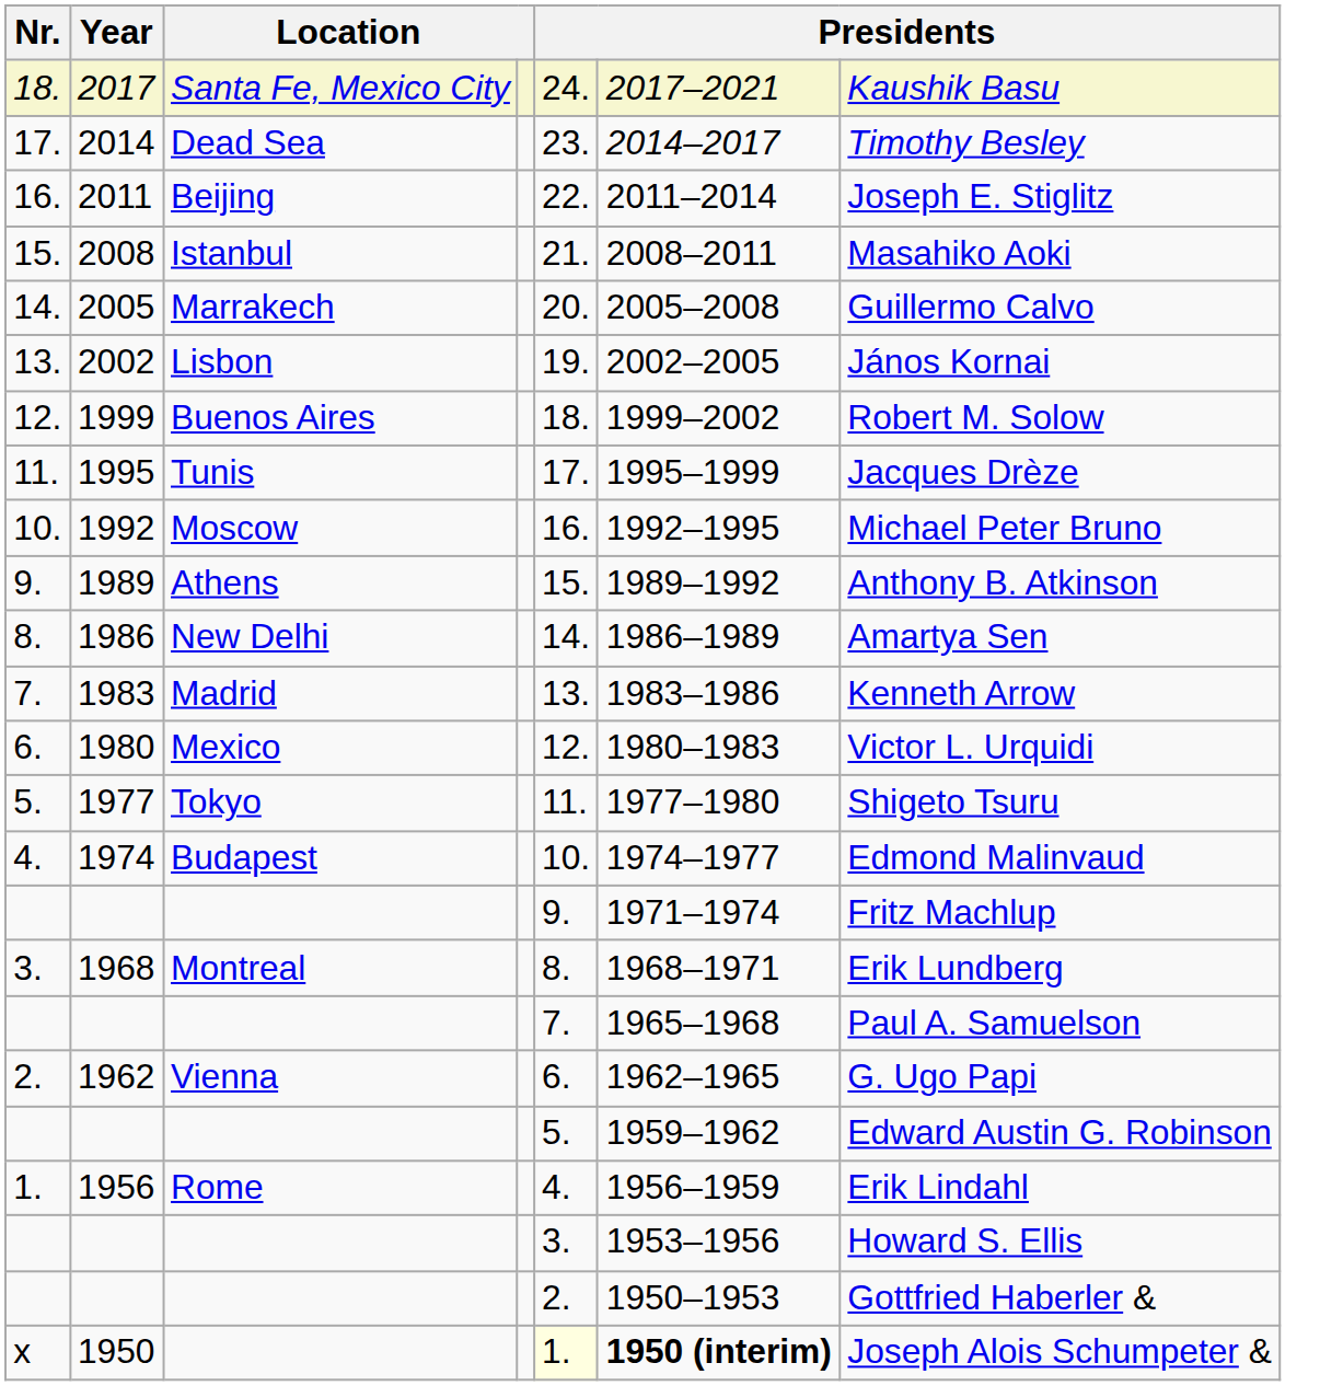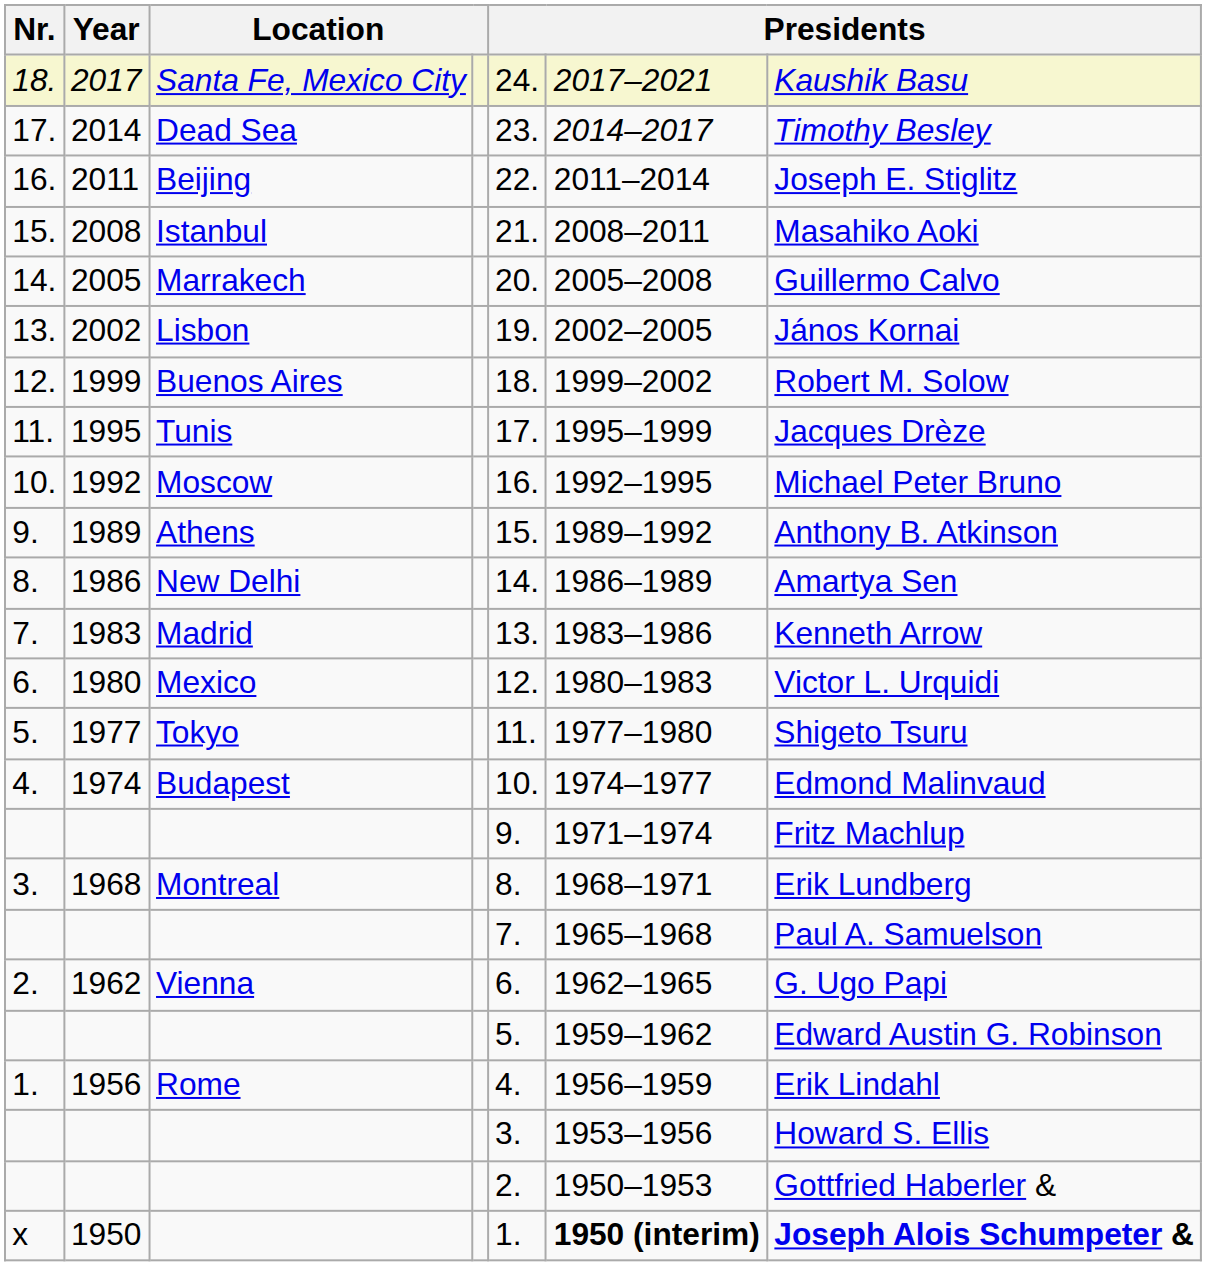 <table class="wikitable">
 <tr>
 <th>Nr.</th>
 <th>Year</th>
 <th colspan="2">Location</th>
 <th colspan="3">Presidents</th>
 </tr>
 <tr style="background:#f7f7d0">
 <td><em>18.</em></td>
 <td><em>2017</em></td>
 <td><em><a href='#'>Santa Fe, Mexico City</a></em></td>
 <td><em></em></td>
 <td>24.</td>
 <td><em>2017–2021</em></td>
 <td><em><a href='#'>Kaushik Basu</a></em> </td>
 </tr>
 <tr>
 <td>17.</td>
 <td>2014</td>
 <td><a href='#'>Dead Sea</a></td>
 <td></td>
 <td>23.</td>
 <td><em>2014–2017</em></td>
 <td><em><a href='#'>Timothy Besley</a></em> </td>
 </tr>
 <tr>
 <td>16.</td>
 <td>2011</td>
 <td><a href='#'>Beijing</a></td>
 <td></td>
 <td>22.</td>
 <td>2011–2014</td>
 <td><a href='#'>Joseph E. Stiglitz</a> </td>
 </tr>
 <tr>
 <td>15.</td>
 <td>2008</td>
 <td><a href='#'>Istanbul</a></td>
 <td></td>
 <td>21.</td>
 <td>2008–2011</td>
 <td><a href='#'>Masahiko Aoki</a> </td>
 </tr>
 <tr>
 <td>14.</td>
 <td>2005</td>
 <td><a href='#'>Marrakech</a></td>
 <td></td>
 <td>20.</td>
 <td>2005–2008</td>
 <td><a href='#'>Guillermo Calvo</a> </td>
 </tr>
 <tr>
 <td>13.</td>
 <td>2002</td>
 <td><a href='#'>Lisbon</a></td>
 <td></td>
 <td>19.</td>
 <td>2002–2005</td>
 <td><a href='#'>János Kornai</a> </td>
 </tr>
 <tr>
 <td>12.</td>
 <td>1999</td>
 <td><a href='#'>Buenos Aires</a></td>
 <td></td>
 <td>18.</td>
 <td>1999–2002</td>
 <td><a href='#'>Robert M. Solow</a> </td>
 </tr>
 <tr>
 <td>11.</td>
 <td>1995</td>
 <td><a href='#'>Tunis</a></td>
 <td></td>
 <td>17.</td>
 <td>1995–1999</td>
 <td><a href='#'>Jacques Drèze</a> </td>
 </tr>
 <tr>
 <td>10.</td>
 <td>1992</td>
 <td><a href='#'>Moscow</a></td>
 <td></td>
 <td>16.</td>
 <td>1992–1995</td>
 <td><a href='#'>Michael Peter Bruno</a> </td>
 </tr>
 <tr>
 <td>9.</td>
 <td>1989</td>
 <td><a href='#'>Athens</a></td>
 <td></td>
 <td>15.</td>
 <td>1989–1992</td>
 <td><a href='#'>Anthony B. Atkinson</a> </td>
 </tr>
 <tr>
 <td>8.</td>
 <td>1986</td>
 <td><a href='#'>New Delhi</a></td>
 <td></td>
 <td>14.</td>
 <td>1986–1989</td>
 <td><a href='#'>Amartya Sen</a> </td>
 </tr>
 <tr>
 <td>7.</td>
 <td>1983</td>
 <td><a href='#'>Madrid</a></td>
 <td></td>
 <td>13.</td>
 <td>1983–1986</td>
 <td><a href='#'>Kenneth Arrow</a> </td>
 </tr>
 <tr>
 <td>6.</td>
 <td>1980</td>
 <td><a href='#'>Mexico</a></td>
 <td></td>
 <td>12.</td>
 <td>1980–1983</td>
 <td><a href='#'>Victor L. Urquidi</a> </td>
 </tr>
 <tr>
 <td>5.</td>
 <td>1977</td>
 <td><a href='#'>Tokyo</a></td>
 <td></td>
 <td>11.</td>
 <td>1977–1980</td>
 <td><a href='#'>Shigeto Tsuru</a> </td>
 </tr>
 <tr>
 <td>4.</td>
 <td>1974</td>
 <td><a href='#'>Budapest</a></td>
 <td></td>
 <td>10.</td>
 <td>1974–1977</td>
 <td><a href='#'>Edmond Malinvaud</a> </td>
 </tr>
 <tr>
 <td></td>
 <td></td>
 <td></td>
 <td></td>
 <td>9.</td>
 <td>1971–1974</td>
 <td><a href='#'>Fritz Machlup</a> </td>
 </tr>
 <tr>
 <td>3.</td>
 <td>1968</td>
 <td><a href='#'>Montreal</a></td>
 <td></td>
 <td>8.</td>
 <td>1968–1971</td>
 <td><a href='#'>Erik Lundberg</a> </td>
 </tr>
 <tr>
 <td></td>
 <td></td>
 <td></td>
 <td></td>
 <td>7.</td>
 <td>1965–1968</td>
 <td><a href='#'>Paul A. Samuelson</a> </td>
 </tr>
 <tr>
 <td>2.</td>
 <td>1962</td>
 <td><a href='#'>Vienna</a></td>
 <td></td>
 <td>6.</td>
 <td>1962–1965</td>
 <td><a href='#'>G. Ugo Papi</a> </td>
 </tr>
 <tr>
 <td></td>
 <td></td>
 <td></td>
 <td></td>
 <td>5.</td>
 <td>1959–1962</td>
 <td><a href='#'>Edward Austin G. Robinson</a> </td>
 </tr>
 <tr>
 <td>1.</td>
 <td>1956</td>
 <td><a href='#'>Rome</a></td>
 <td></td>
 <td>4.</td>
 <td>1956–1959</td>
 <td><a href='#'>Erik Lindahl</a> </td>
 </tr>
 <tr>
 <td></td>
 <td></td>
 <td></td>
 <td></td>
 <td>3.</td>
 <td>1953–1956</td>
 <td><a href='#'>Howard S. Ellis</a> </td>
 </tr>
 <tr>
 <td></td>
 <td></td>
 <td></td>
 <td></td>
 <td>2.</td>
 <td>1950–1953</td>
 <td><a href='#'>Gottfried Haberler</a>  & </td>
 </tr>
 <tr>
 <td>x</td>
 <td>1950</td>
 <td></td>
 <td></td>
-<td style="background: lightyellow;">1.</td>
+<td>1.</td>
 <td><strong>1950 (interim)</strong></td>
-<td><a href='#'>Joseph Alois Schumpeter</a>  & </td>
+<td><strong><a href='#'>Joseph Alois Schumpeter</a>  & </strong></td>
 </tr>
 </table>
